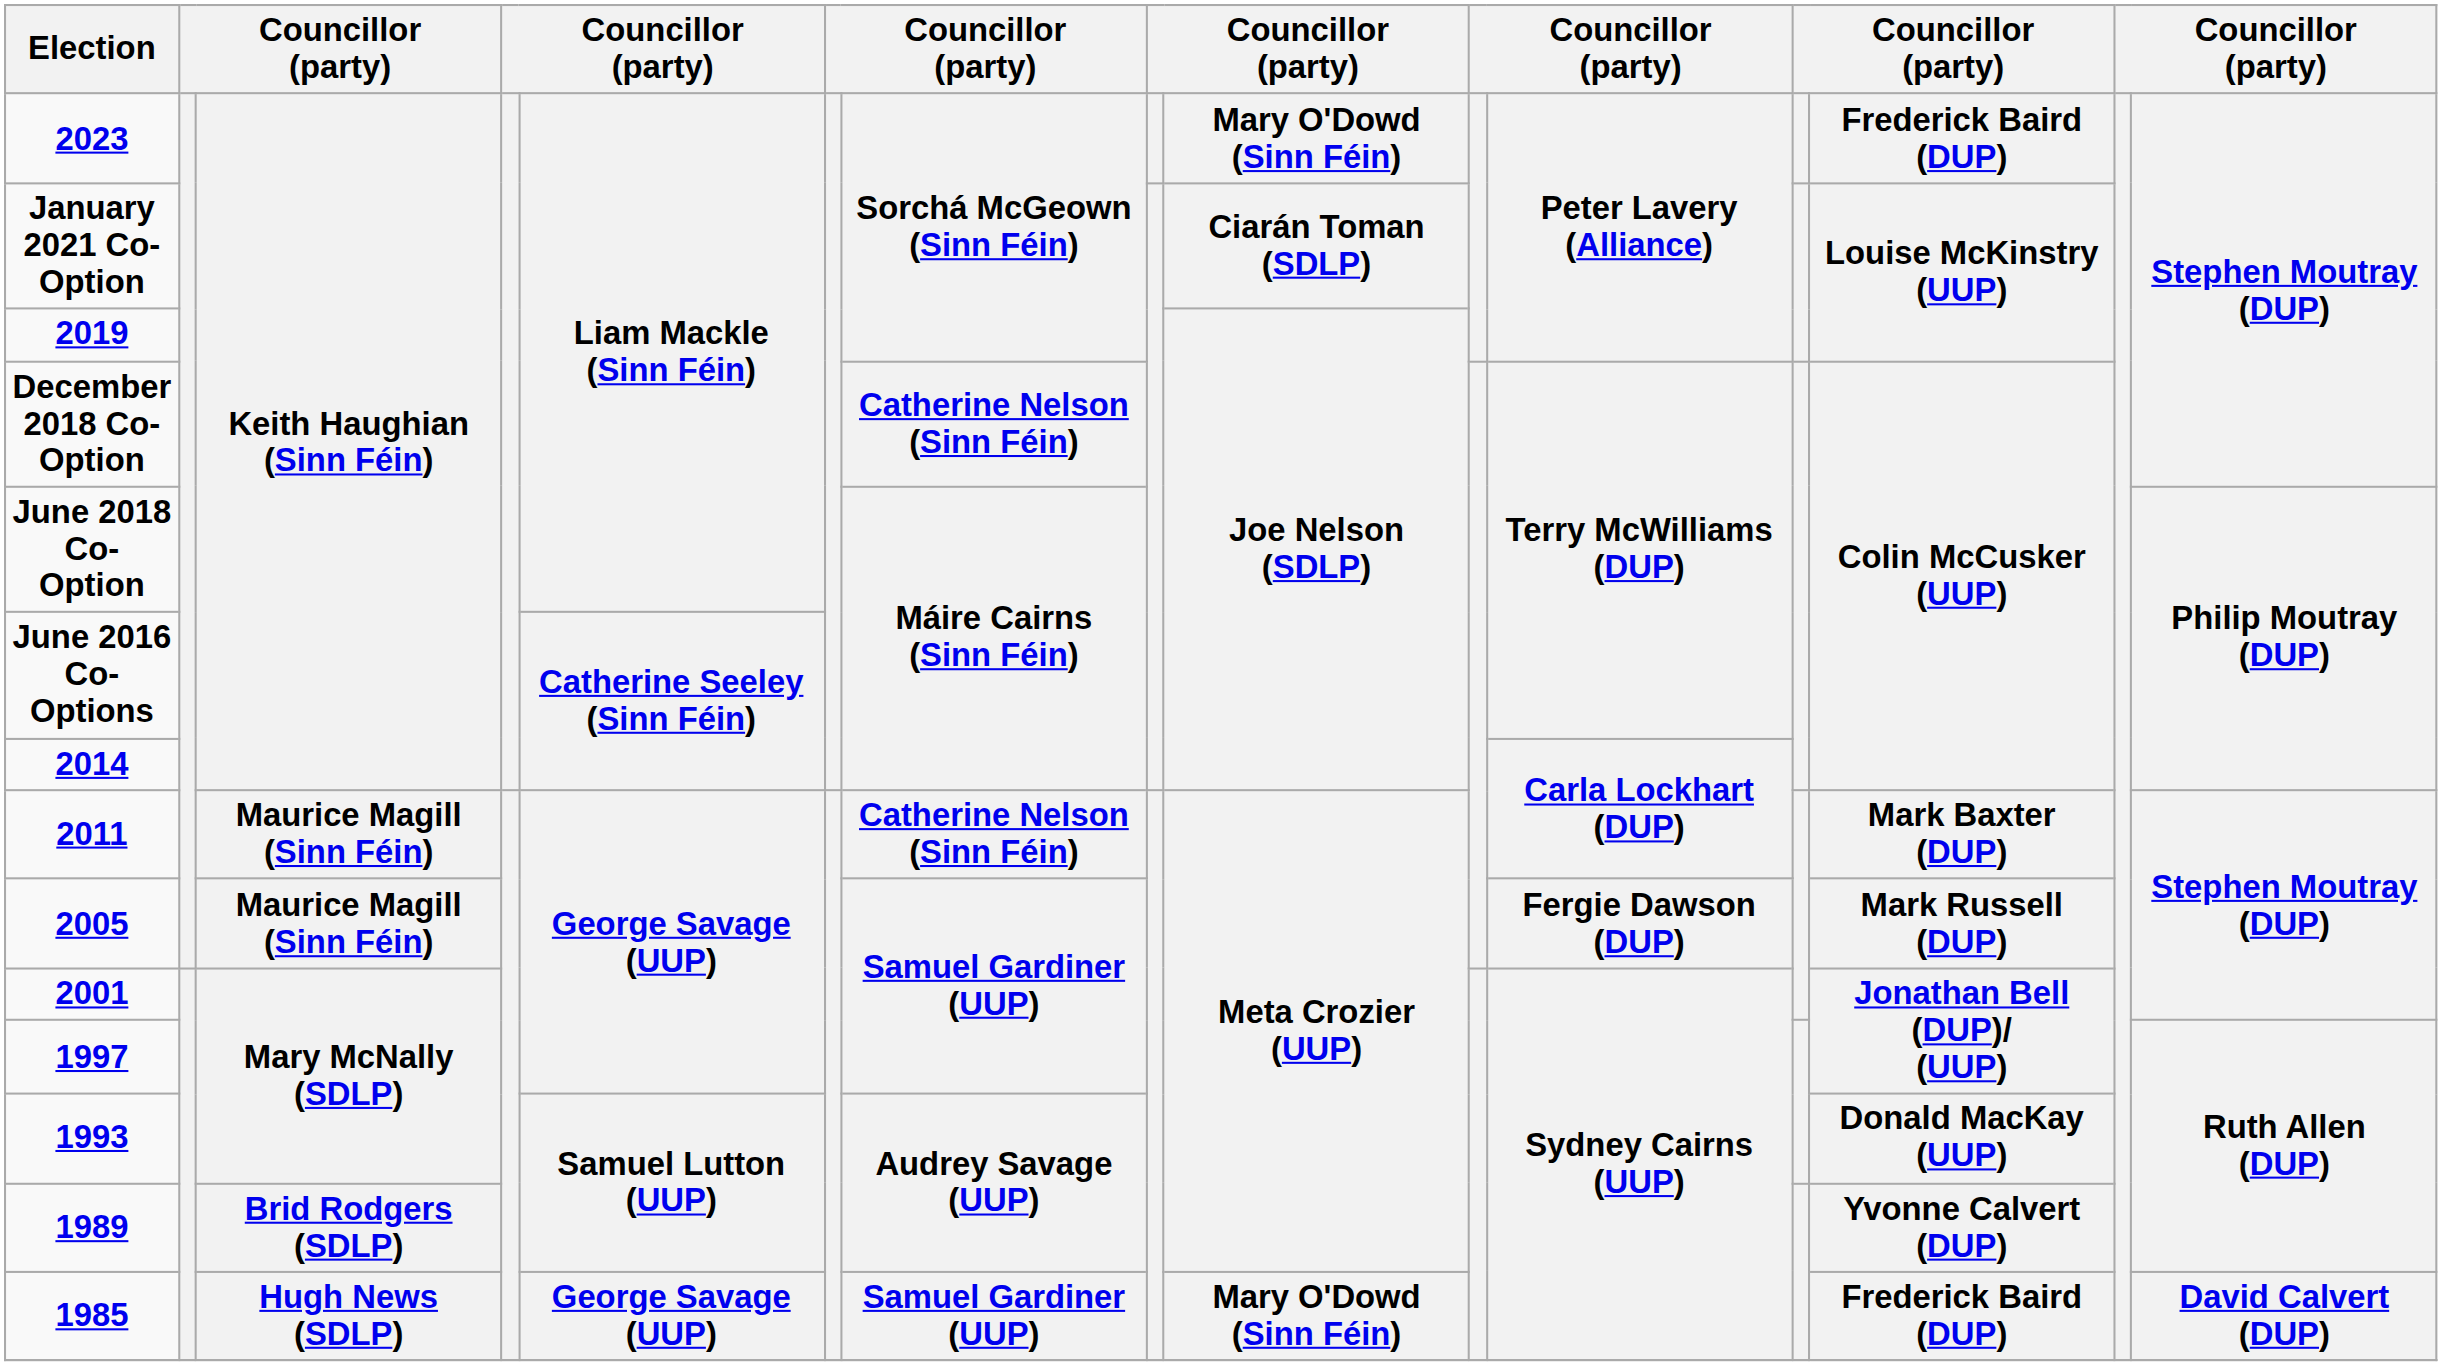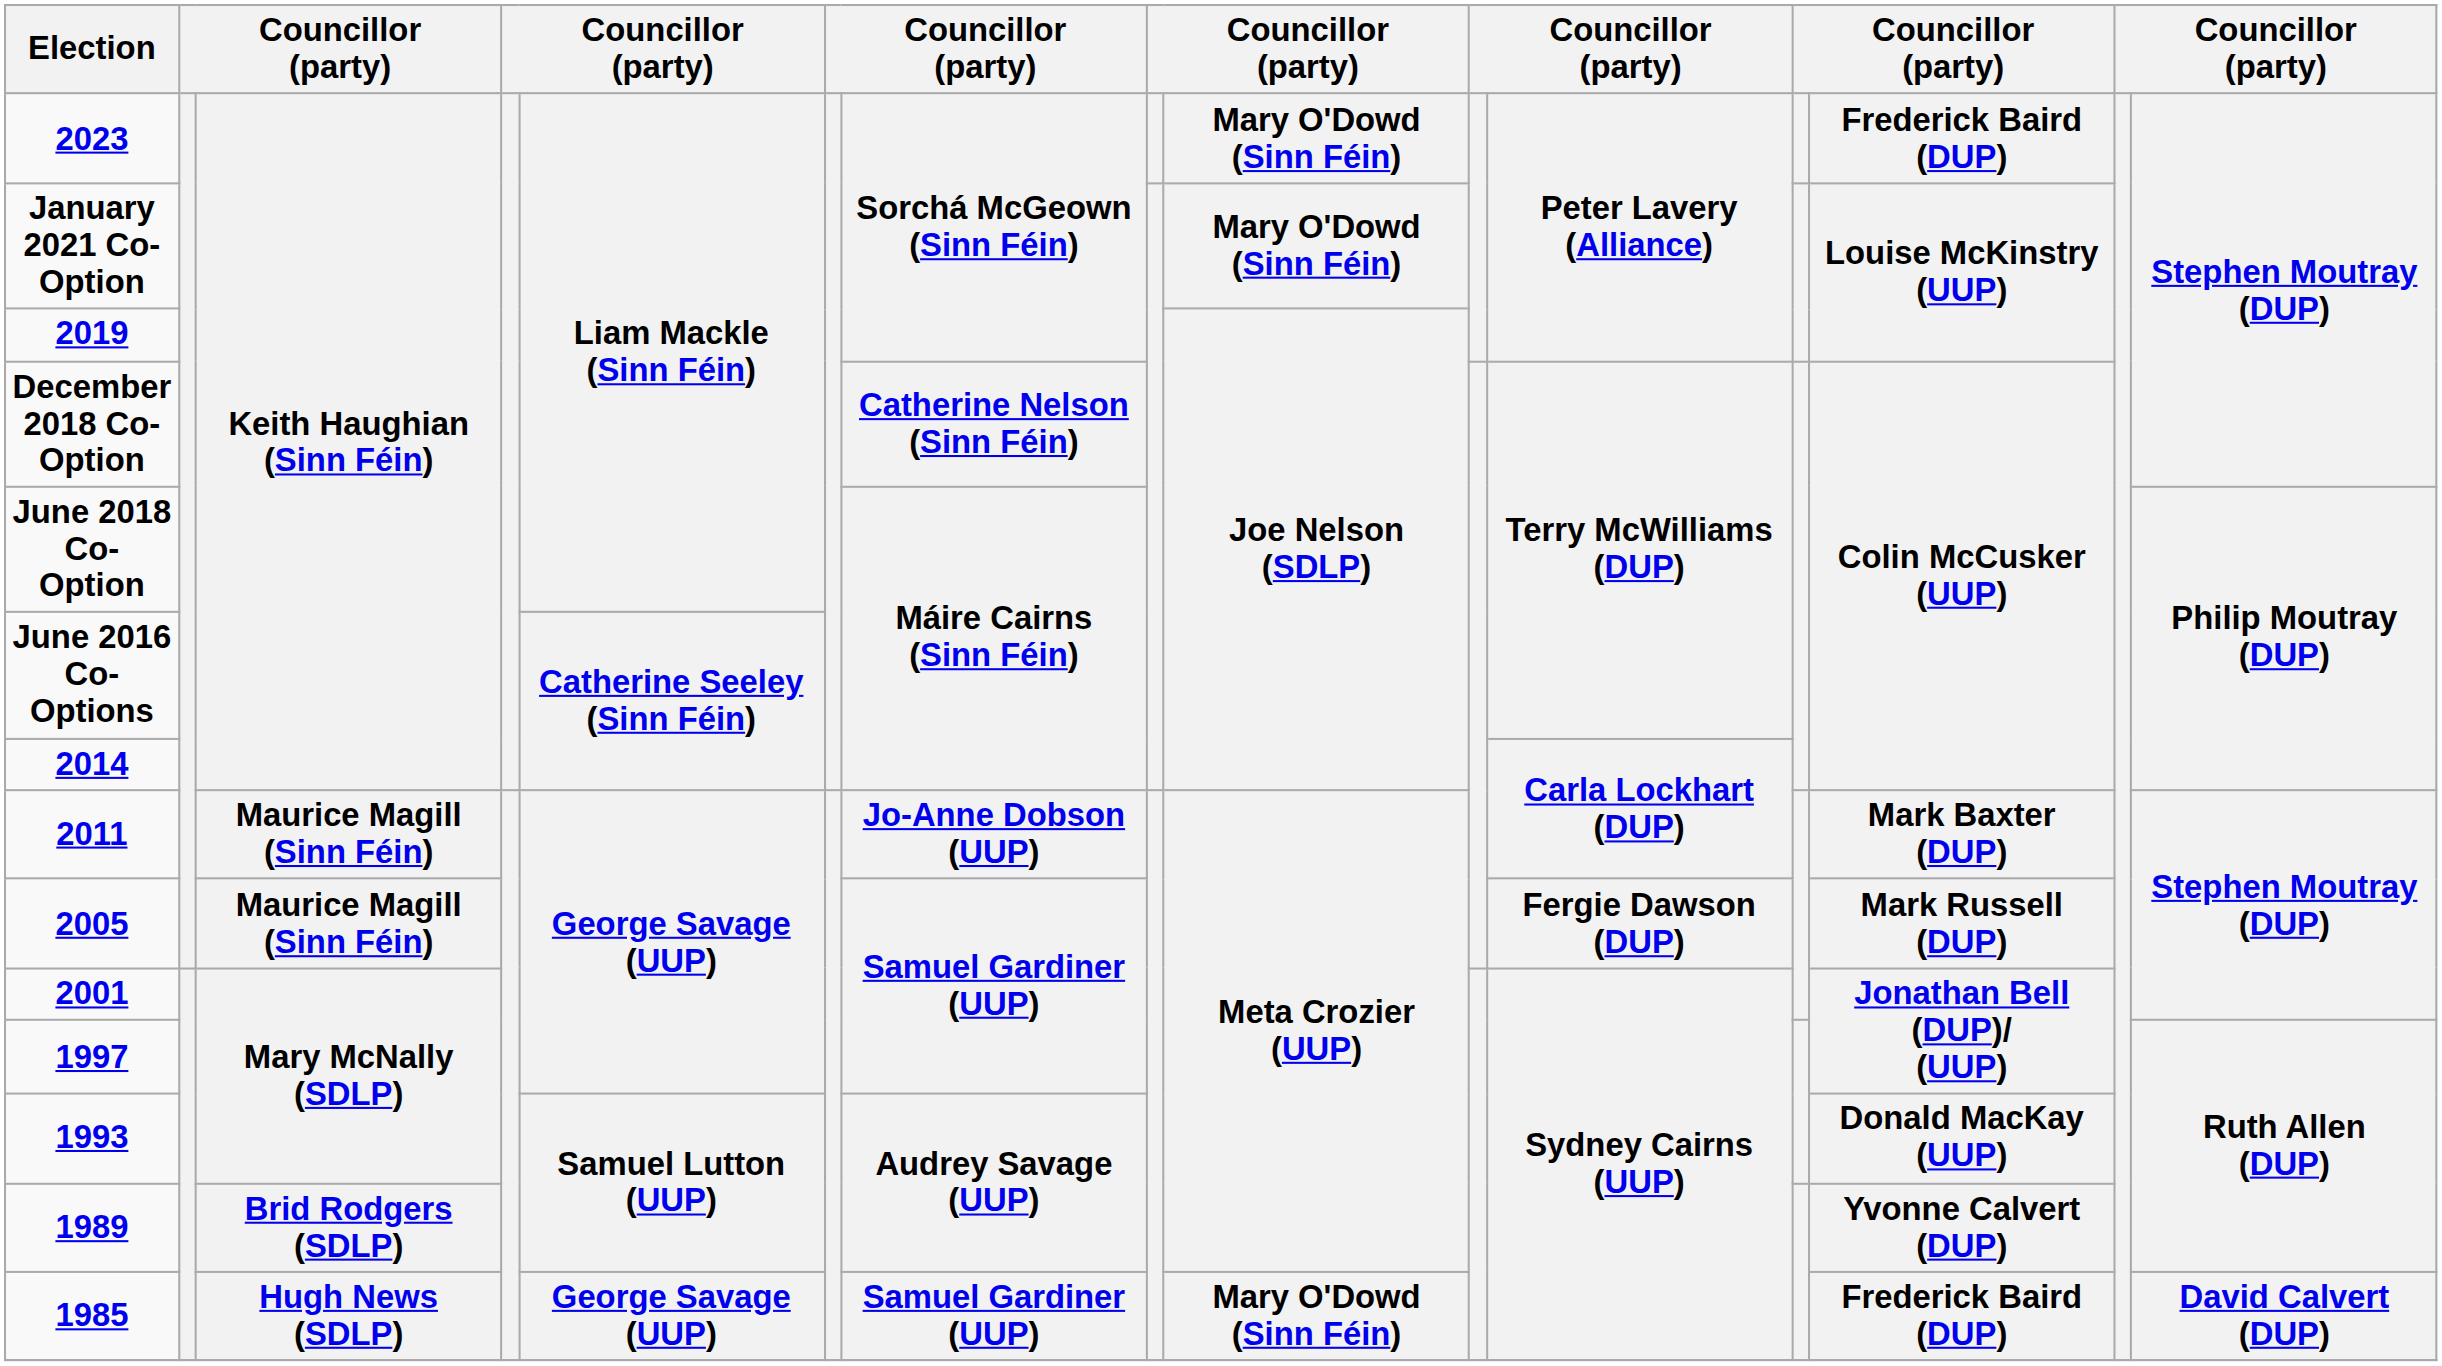 <table class="wikitable" style="text-align:center">
 <tr>
 <th scope="col" width="50">Election</th>
 <th scope="col" width="150" colspan = "2">Councillor<br> (party)</th>
 <th scope="col" width="150" colspan = "2">Councillor<br> (party)</th>
 <th scope="col" width="150" colspan = "2">Councillor<br> (party)</th>
 <th scope="col" width="150" colspan = "2">Councillor<br> (party)</th>
 <th scope="col" width="150" colspan = "2">Councillor<br> (party)</th>
 <th scope="col" width="150" colspan = "2">Councillor<br> (party)</th>
 <th scope="col" width="150" colspan = "2">Councillor<br> (party)</th>
 </tr>
 <tr>
 <td><strong><a href='#'>2023</a></strong></td>
 <th rowspan="9" width="1" style="background-color: "></th>
 <th rowspan = "7">Keith Haughian <br> (<a href='#'>Sinn Féin</a>)</th>
 <th rowspan="7" width="1" style="background-color: "></th>
 <th rowspan = "5">Liam Mackle <br> (<a href='#'>Sinn Féin</a>)</th>
 <th rowspan="7" width="1" style="background-color: "></th>
 <th rowspan = "3">Sorchá McGeown <br> (<a href='#'>Sinn Féin</a>)</th>
 <th rowspan="1" width="1" style="background-color: "></th>
 <th rowspan = "1">Mary O'Dowd <br> (<a href='#'>Sinn Féin</a>)</th>
 <th rowspan="3" width="1" style="background-color: "></th>
 <th rowspan = "3">Peter Lavery <br> (<a href='#'>Alliance</a>)</th>
 <th rowspan="1" width="1" style="background-color: "></th>
 <th rowspan = "1">Frederick Baird <br> (<a href='#'>DUP</a>)</th>
 <th rowspan="14" width="1" style="background-color: "></th>
 <th rowspan = "4"><a href='#'>Stephen Moutray</a> <br> (<a href='#'>DUP</a>)</th>
 </tr>
 <tr>
 <td><strong>January 2021 Co-Option</strong></td>
 <th rowspan="6" width="1" style="background-color: "></th>
-<th rowspan = "1">Ciarán Toman <br> (<a href='#'>SDLP</a>)</th>
+<th rowspan = "1">Mary O'Dowd <br> (<a href='#'>Sinn Féin</a>)</th>
 <th rowspan="2" width="1" style="background-color: "></th>
 <th rowspan = "2">Louise McKinstry <br> (<a href='#'>UUP</a>)</th>
 </tr>
 <tr>
 <td><strong><a href='#'>2019</a></strong></td>
 <th rowspan = "5">Joe Nelson <br> (<a href='#'>SDLP</a>)</th>
 </tr>
 <tr>
 <td><strong>December 2018 Co-Option</strong></td>
 <th rowspan = "1"><a href='#'>Catherine Nelson</a> <br> (<a href='#'>Sinn Féin</a>)</th>
 <th rowspan="6" width="1" style="background-color: "></th>
 <th rowspan = "3">Terry McWilliams <br> (<a href='#'>DUP</a>)</th>
 <th rowspan="4" width="1" style="background-color: "></th>
 <th rowspan = "4">Colin McCusker <br> (<a href='#'>UUP</a>)</th>
 </tr>
 <tr>
 <td><strong>June 2018 Co-Option</strong></td>
 <th rowspan = "3">Máire Cairns <br> (<a href='#'>Sinn Féin</a>)</th>
 <th rowspan = "3">Philip Moutray <br> (<a href='#'>DUP</a>)</th>
 </tr>
 <tr>
 <td><strong>June 2016 Co-Options</strong></td>
 <th rowspan = "2"><a href='#'>Catherine Seeley</a> <br> (<a href='#'>Sinn Féin</a>)</th>
 </tr>
 <tr>
 <td><strong><a href='#'>2014</a></strong></td>
 <th rowspan = "2"><a href='#'>Carla Lockhart</a> <br> (<a href='#'>DUP</a>)</th>
 </tr>
 <tr>
 <td><strong><a href='#'>2011</a></strong></td>
 <th rowspan = "1">Maurice Magill <br> (<a href='#'>Sinn Féin</a>)</th>
 <th rowspan="7" width="1" style="background-color: "></th>
 <th rowspan = "4"><a href='#'>George Savage</a> <br> (<a href='#'>UUP</a>)</th>
 <th rowspan="7" width="1" style="background-color: "></th>
-<th rowspan = "1"><a href='#'>Catherine Nelson</a> <br> (<a href='#'>Sinn Féin</a>)</th>
+<th rowspan = "1"><a href='#'>Jo-Anne Dobson</a> <br> (<a href='#'>UUP</a>)</th>
 <th rowspan="7" width="1" style="background-color: "></th>
 <th rowspan = "6">Meta Crozier <br> (<a href='#'>UUP</a>)</th>
 <th rowspan="3" width="1" style="background-color: "></th>
 <th rowspan = "1">Mark Baxter <br> (<a href='#'>DUP</a>)</th>
 <th rowspan = "3"><a href='#'>Stephen Moutray</a> <br> (<a href='#'>DUP</a>)</th>
 </tr>
 <tr>
 <td><strong><a href='#'>2005</a></strong></td>
 <th rowspan = "1">Maurice Magill <br> (<a href='#'>Sinn Féin</a>)</th>
 <th rowspan = "3"><a href='#'>Samuel Gardiner</a> <br> (<a href='#'>UUP</a>)</th>
 <th rowspan = "1">Fergie Dawson <br> (<a href='#'>DUP</a>)</th>
 <th rowspan = "1">Mark Russell <br> (<a href='#'>DUP</a>)</th>
 </tr>
 <tr>
 <td><strong><a href='#'>2001</a></strong></td>
 <th rowspan="5" width="1" style="background-color: "></th>
 <th rowspan = "3">Mary McNally <br> (<a href='#'>SDLP</a>)</th>
 <th rowspan="5" width="1" style="background-color: "></th>
 <th rowspan = "5">Sydney Cairns <br> (<a href='#'>UUP</a>)</th>
 <th rowspan = "2"><a href='#'>Jonathan Bell</a> <br> (<a href='#'>DUP</a>)/ <br> (<a href='#'>UUP</a>)</th>
 </tr>
 <tr>
 <td><strong><a href='#'>1997</a></strong></td>
 <th rowspan="2" width="1" style="background-color: "></th>
 <th rowspan = "3">Ruth Allen <br> (<a href='#'>DUP</a>)</th>
 </tr>
 <tr>
 <td><strong><a href='#'>1993</a></strong></td>
 <th rowspan = "2">Samuel Lutton <br> (<a href='#'>UUP</a>)</th>
 <th rowspan = "2">Audrey Savage <br> (<a href='#'>UUP</a>)</th>
 <th rowspan = "1">Donald MacKay <br> (<a href='#'>UUP</a>)</th>
 </tr>
 <tr>
 <td><strong><a href='#'>1989</a></strong></td>
 <th rowspan = "1"><a href='#'>Brid Rodgers</a> <br> (<a href='#'>SDLP</a>)</th>
 <th rowspan="2" width="1" style="background-color: "></th>
 <th rowspan = "1">Yvonne Calvert <br> (<a href='#'>DUP</a>)</th>
 </tr>
 <tr>
 <td><strong><a href='#'>1985</a></strong></td>
 <th rowspan = "1"><a href='#'>Hugh News</a> <br> (<a href='#'>SDLP</a>)</th>
 <th rowspan = "1"><a href='#'>George Savage</a> <br> (<a href='#'>UUP</a>)</th>
 <th rowspan = "1"><a href='#'>Samuel Gardiner</a> <br> (<a href='#'>UUP</a>)</th>
 <th rowspan = "1">Mary O'Dowd <br> (<a href='#'>Sinn Féin</a>)</th>
 <th rowspan = "1">Frederick Baird <br> (<a href='#'>DUP</a>)</th>
 <th rowspan = "1"><a href='#'>David Calvert</a> <br> (<a href='#'>DUP</a>)</th>
 </tr>
 <tr>
 </tr>
 </table>
